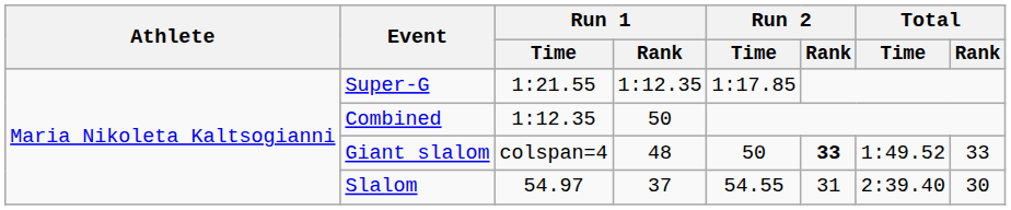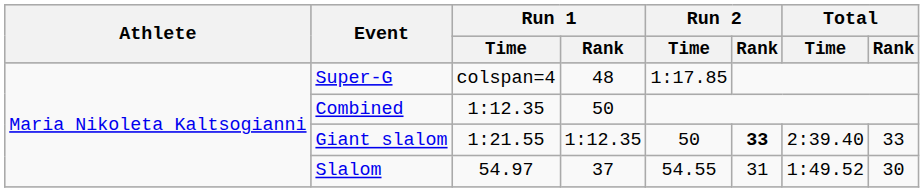 <table class="wikitable" style="font-size:90%">
 <tr>
 <th rowspan=2>Athlete</th>
 <th rowspan=2>Event</th>
 <th colspan=2>Run 1</th>
 <th colspan=2>Run 2</th>
 <th colspan=2>Total</th>
 </tr>
 <tr style="font-size:95%">
 <th>Time</th>
 <th>Rank</th>
 <th>Time</th>
 <th>Rank</th>
 <th>Time</th>
 <th>Rank</th>
 </tr>
 <tr align=center>
 <td align="left" rowspan="4"><a href='#'>Maria Nikoleta Kaltsogianni</a></td>
 <td align="left"><a href='#'>Super-G</a></td>
-<td>1:21.55</td>
-<td>1:12.35</td>
+<td>colspan=4</td>
+<td>48</td>
 <td>1:17.85</td>
 </tr>
 <tr align=center>
 <td align="left"><a href='#'>Combined</a></td>
 <td>1:12.35</td>
 <td>50</td>
 <td colspan=4></td>
 </tr>
 <tr align=center>
 <td align="left"><a href='#'>Giant slalom</a></td>
-<td>colspan=4</td>
-<td>48</td>
+<td>1:21.55</td>
+<td>1:12.35</td>
 <td>50</td>
 <td><strong>33</strong></td>
-<td>1:49.52</td>
+<td>2:39.40</td>
 <td>33</td>
 </tr>
 <tr align=center>
 <td align="left"><a href='#'>Slalom</a></td>
 <td>54.97</td>
 <td>37</td>
 <td>54.55</td>
 <td>31</td>
-<td>2:39.40</td>
+<td>1:49.52</td>
 <td>30</td>
 </tr>
 </table>
